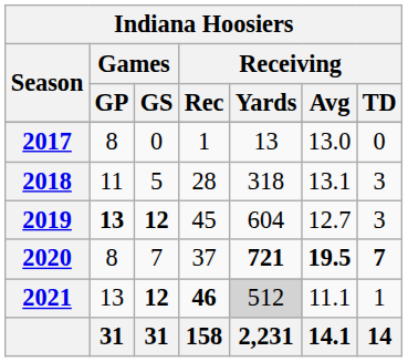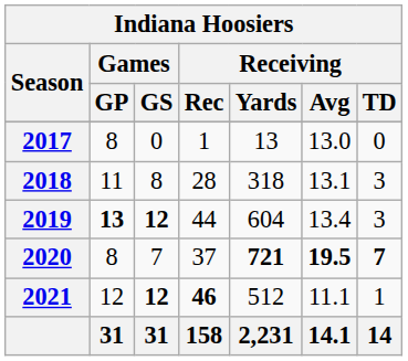 <table class="wikitable" style="text-align:center;">
 <tr>
 <th colspan="15">Indiana Hoosiers</th>
 </tr>
 <tr>
 <th rowspan="2">Season</th>
 <th colspan="2">Games</th>
 <th colspan="4">Receiving</th>
 </tr>
 <tr>
 <th>GP</th>
 <th>GS</th>
 <th>Rec</th>
 <th>Yards</th>
 <th>Avg</th>
 <th>TD</th>
 </tr>
 <tr>
 </tr>
 <tr>
 <th><a href='#'>2017</a></th>
 <td>8</td>
 <td>0</td>
 <td>1</td>
 <td>13</td>
 <td>13.0</td>
 <td>0</td>
 </tr>
 <tr>
 <th><a href='#'>2018</a></th>
 <td>11</td>
-<td>5</td>
+<td>8</td>
 <td>28</td>
 <td>318</td>
 <td>13.1</td>
 <td>3</td>
 </tr>
 <tr>
 <th><a href='#'>2019</a></th>
 <td><strong>13</strong></td>
 <td><strong>12</strong></td>
-<td>45</td>
+<td>44</td>
 <td>604</td>
-<td>12.7</td>
+<td>13.4</td>
 <td>3</td>
 </tr>
 <tr>
 <th><a href='#'>2020</a></th>
 <td>8</td>
 <td>7</td>
 <td>37</td>
 <td><strong>721</strong></td>
 <td><strong>19.5</strong></td>
 <td><strong>7</strong></td>
 </tr>
 <tr>
 <th><a href='#'>2021</a></th>
-<td>13</td>
+<td>12</td>
 <td><strong>12</strong></td>
 <td><strong>46</strong></td>
-<td style="background: lightgrey;">512</td>
+<td>512</td>
 <td>11.1</td>
 <td>1</td>
 </tr>
 <tr>
 <th></th>
 <th>31</th>
 <th>31</th>
 <th>158</th>
 <th>2,231</th>
 <th>14.1</th>
 <th>14</th>
 </tr>
 </table>
